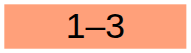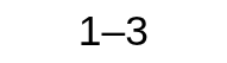 <table>
 <tr>
 <th width=150></th>
 <th width=80></th>
 <th width=150></th>
 </tr>
 <tr>
 <td align=right></td>
-<td align=center style="background: lightsalmon;">1–3</td>
+<td align=center>1–3</td>
 <td></td>
 </tr>
 </table>
